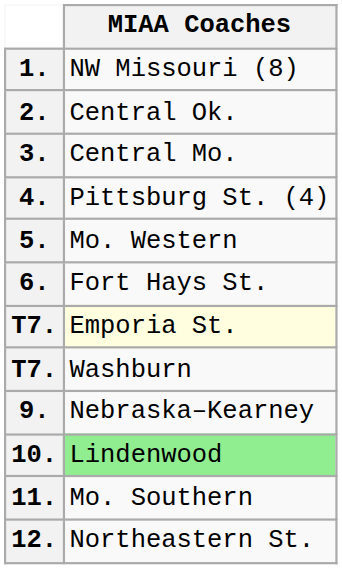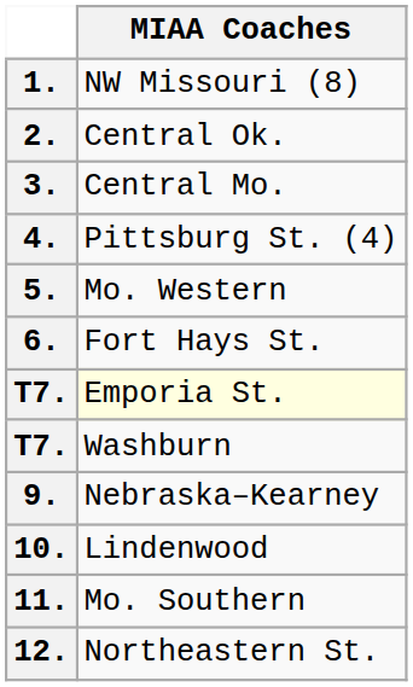 <table class="wikitable" style="white-space:nowrap; font-size:90%;">
 <tr>
 <td ! style="background:white; border-top-style:hidden; border-left-style:hidden;"></td>
 <th>MIAA Coaches</th>
 </tr>
 <tr>
 <th>1.</th>
 <td>NW Missouri (8)</td>
 </tr>
 <tr>
 <th>2.</th>
 <td>Central Ok.</td>
 </tr>
 <tr>
 <th>3.</th>
 <td>Central Mo.</td>
 </tr>
 <tr>
 <th>4.</th>
 <td>Pittsburg St. (4)</td>
 </tr>
 <tr>
 <th>5.</th>
 <td>Mo. Western</td>
 </tr>
 <tr>
 <th>6.</th>
 <td>Fort Hays St.</td>
 </tr>
 <tr>
 <th>T7.</th>
 <td style="background: lightyellow;">Emporia St.</td>
 </tr>
 <tr>
 <th>T7.</th>
 <td>Washburn</td>
 </tr>
 <tr>
 <th>9.</th>
 <td>Nebraska–Kearney</td>
 </tr>
 <tr>
 <th>10.</th>
-<td style="background: lightgreen;">Lindenwood</td>
+<td>Lindenwood</td>
 </tr>
 <tr>
 <th>11.</th>
 <td>Mo. Southern</td>
 </tr>
 <tr>
 <th>12.</th>
 <td>Northeastern St.</td>
 </tr>
 </table>
